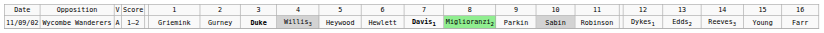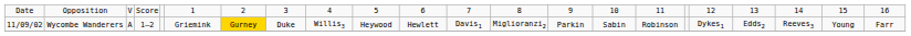 <table class="wikitable" style="font-size: 80%; text-align: center;">
 <tr style="text-align:center;">
 <td style="width:10px; ">Date</td>
 <td style="width:150px; ">Opposition</td>
 <td style="width:5px; ">V</td>
 <td style="width:5px; ">Score</td>
 <td style="width:1px; text-align:center;"></td>
 <td style="width:95px; ">1</td>
 <td style="width:75px; ">2</td>
 <td style="width:75px; ">3</td>
 <td style="width:75px; ">4</td>
 <td style="width:75px; ">5</td>
 <td style="width:75px; ">6</td>
 <td style="width:75px; ">7</td>
 <td style="width:75px; ">8</td>
 <td style="width:75px; ">9</td>
 <td style="width:75px; ">10</td>
 <td style="width:75px; ">11</td>
 <td style="width:1px; text-align:center;"></td>
 <td style="width:75px; ">12</td>
 <td style="width:75px; ">13</td>
 <td style="width:75px; ">14</td>
 <td style="width:75px; ">15</td>
 <td style="width:75px; ">16</td>
 </tr>
 <tr>
 <td>11/09/02</td>
 <td>Wycombe Wanderers</td>
 <td>A</td>
 <td>1–2</td>
 <td></td>
 <td>Griemink</td>
-<td>Gurney</td>
-<td><strong>Duke</strong></td>
-<td style="background: lightgrey;">Willis<sub>3</sub></td>
+<td style="background: gold;">Gurney</td>
+<td>Duke</td>
+<td>Willis<sub>3</sub></td>
 <td>Heywood</td>
 <td>Hewlett</td>
-<td><strong>Davis<sub>1</sub></strong></td>
-<td style="background: lightgreen;">Miglioranzi<sub>2</sub></td>
+<td>Davis<sub>1</sub></td>
+<td>Miglioranzi<sub>2</sub></td>
 <td>Parkin</td>
-<td style="background: lightgrey;">Sabin</td>
+<td>Sabin</td>
 <td>Robinson</td>
 <td></td>
 <td>Dykes<sub>1</sub></td>
 <td>Edds<sub>2</sub></td>
 <td>Reeves<sub>3</sub></td>
 <td>Young</td>
 <td>Farr</td>
 </tr>
 <tr>
 </tr>
 </table>
